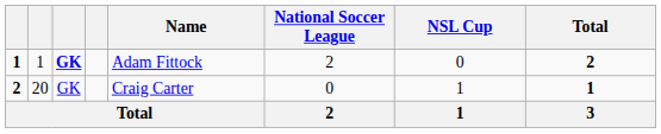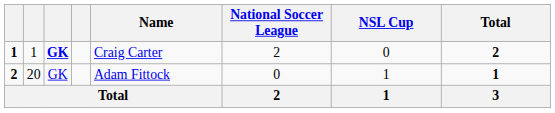 <table class="wikitable" style="text-align:center">
 <tr>
 <th width=15></th>
 <th width=15></th>
 <th width=15></th>
 <th width=15></th>
 <th width=145>Name</th>
 <th width=120><a href='#'>National Soccer League</a></th>
 <th width=120><a href='#'>NSL Cup</a></th>
 <th width=120>Total</th>
 </tr>
 <tr>
 <td><strong>1</strong></td>
 <td>1</td>
 <td><strong><a href='#'>GK</a></strong></td>
 <td></td>
-<td align=left><a href='#'>Adam Fittock</a></td>
+<td align=left><a href='#'>Craig Carter</a></td>
 <td>2</td>
 <td>0</td>
 <td><strong>2</strong></td>
 </tr>
 <tr>
 <td><strong>2</strong></td>
 <td>20</td>
 <td><a href='#'>GK</a></td>
 <td></td>
-<td align=left><a href='#'>Craig Carter</a></td>
+<td align=left><a href='#'>Adam Fittock</a></td>
 <td>0</td>
 <td>1</td>
 <td><strong>1</strong></td>
 </tr>
 <tr>
 <th colspan="5"><strong>Total</strong></th>
 <th>2</th>
 <th>1</th>
 <th>3</th>
 </tr>
 </table>
